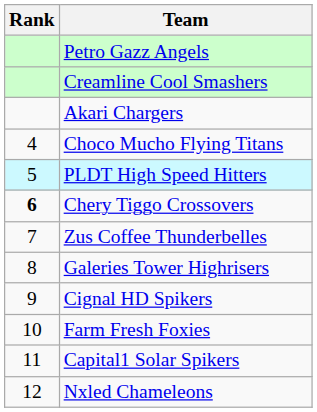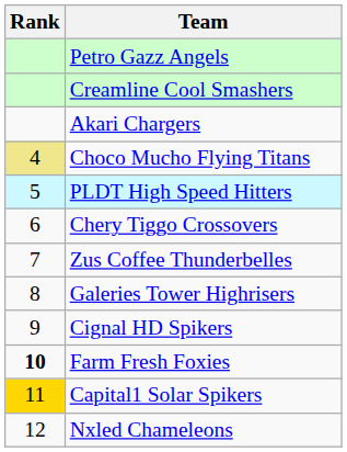 <table class="wikitable" style="text-align: center">
 <tr>
 <th width=>Rank</th>
 <th width=200>Team</th>
 </tr>
 <tr bgcolor=#ccffcc>
 <td></td>
 <td style="text-align:left"><a href='#'>Petro Gazz Angels</a></td>
 </tr>
 <tr bgcolor=#ccffcc>
 <td></td>
 <td style="text-align:left"><a href='#'>Creamline Cool Smashers</a></td>
 </tr>
 <tr>
 <td></td>
 <td style="text-align:left"><a href='#'>Akari Chargers</a></td>
 </tr>
 <tr>
-<td>4</td>
+<td style="background: khaki;">4</td>
 <td style="text-align:left"><a href='#'>Choco Mucho Flying Titans</a></td>
 </tr>
 <tr bgcolor=#CCF9FF>
 <td>5</td>
 <td style="text-align:left"><a href='#'>PLDT High Speed Hitters</a></td>
 </tr>
 <tr>
-<td><strong>6</strong></td>
+<td>6</td>
 <td style="text-align:left"><a href='#'>Chery Tiggo Crossovers</a></td>
 </tr>
 <tr>
 <td>7</td>
 <td style="text-align:left"><a href='#'>Zus Coffee Thunderbelles</a></td>
 </tr>
 <tr>
 <td>8</td>
 <td style="text-align:left"><a href='#'>Galeries Tower Highrisers</a></td>
 </tr>
 <tr>
 <td>9</td>
 <td style="text-align:left"><a href='#'>Cignal HD Spikers</a></td>
 </tr>
 <tr>
-<td>10</td>
+<td><strong>10</strong></td>
 <td style="text-align:left"><a href='#'>Farm Fresh Foxies</a></td>
 </tr>
 <tr>
-<td>11</td>
+<td style="background: gold;">11</td>
 <td style="text-align:left"><a href='#'>Capital1 Solar Spikers</a></td>
 </tr>
 <tr>
 <td>12</td>
 <td style="text-align:left"><a href='#'>Nxled Chameleons</a></td>
 </tr>
 </table>
